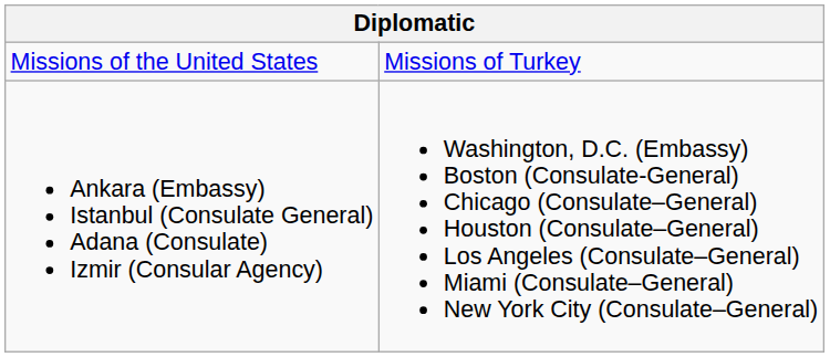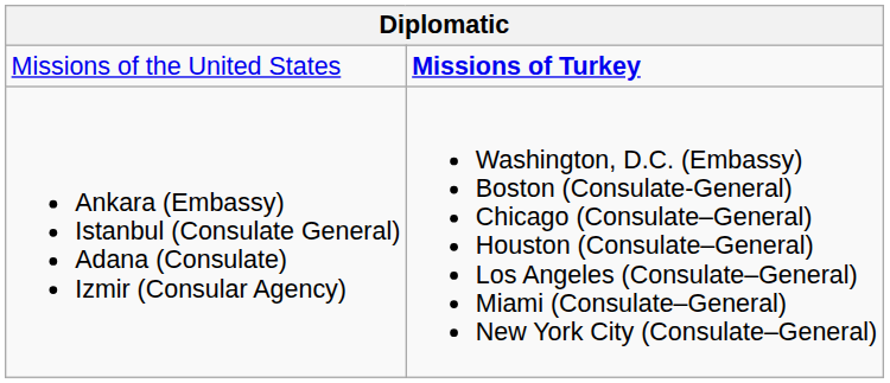 <table class="wikitable">
 <tr>
 <th colspan =2>Diplomatic</th>
 </tr>
 <tr>
 <td><a href='#'>Missions of the United States</a></td>
-<td><a href='#'>Missions of Turkey</a></td>
+<td><strong><a href='#'>Missions of Turkey</a></strong></td>
 </tr>
 <tr>
 <td><br><ul><li>Ankara (Embassy)</li><li>Istanbul (Consulate General)</li><li>Adana (Consulate)</li><li>Izmir (Consular Agency)</li></ul></td>
 <td><br><ul><li>Washington, D.C. (Embassy)</li><li>Boston (Consulate-General)</li><li>Chicago (Consulate–General)</li><li>Houston (Consulate–General)</li><li>Los Angeles (Consulate–General)</li><li>Miami (Consulate–General)</li><li>New York City (Consulate–General)</li></ul></td>
 </tr>
 </table>
